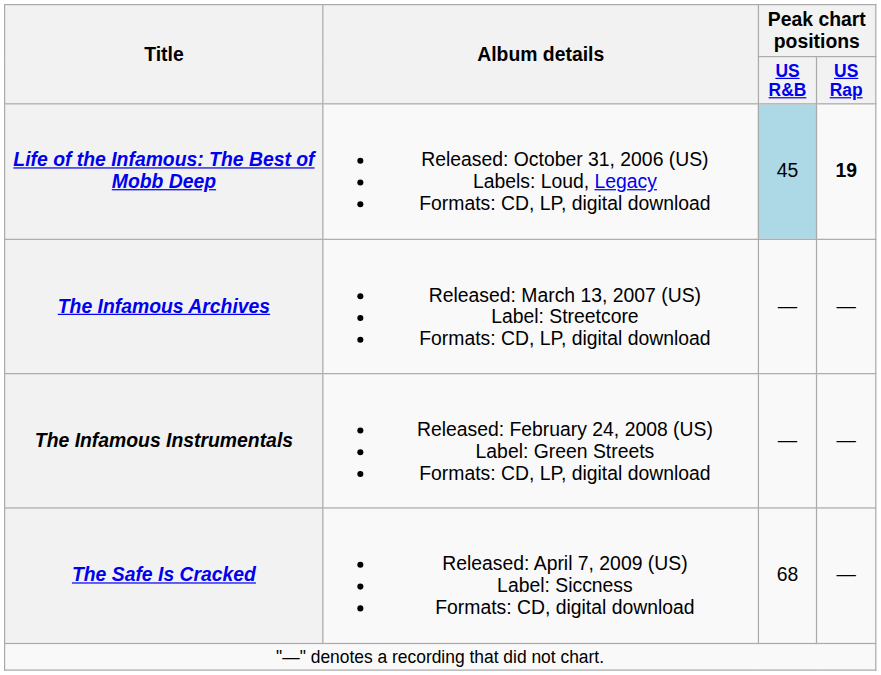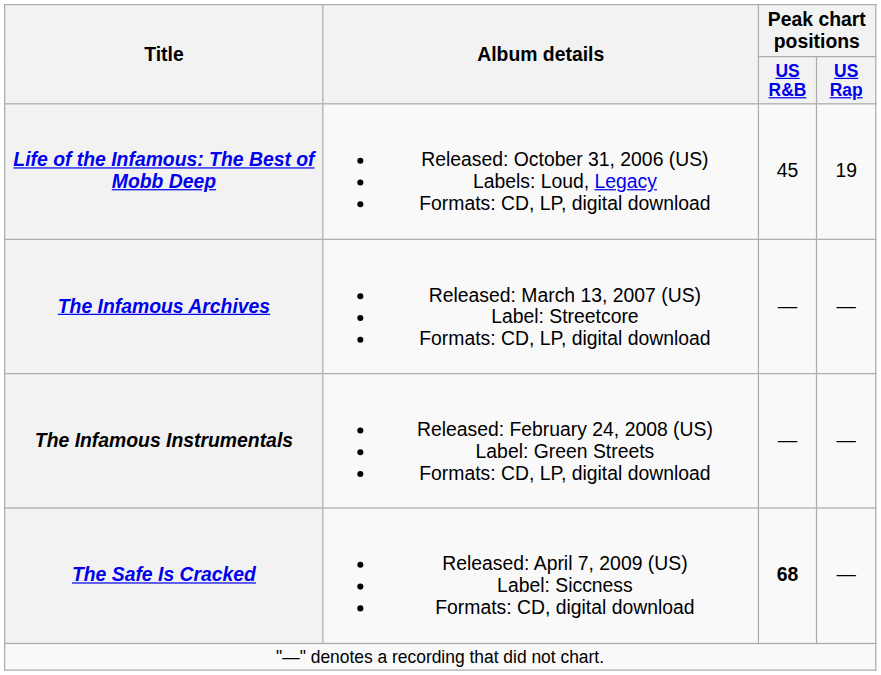 <table class="wikitable plainrowheaders" style="text-align:center;" border="1">
 <tr>
 <th scope="col" rowspan="2" style="width:16em;">Title</th>
 <th scope="col" rowspan="2" style="width:22em;">Album details</th>
 <th scope="col" colspan="2">Peak chart positions</th>
 </tr>
 <tr>
 <th scope="col" style="width:2.9em;font-size:90%;"><a href='#'>US<br>R&B</a><br></th>
 <th scope="col" style="width:2.9em;font-size:90%;"><a href='#'>US<br>Rap</a><br></th>
 </tr>
 <tr>
 <th scope="row"><em><a href='#'>Life of the Infamous: The Best of Mobb Deep</a></em></th>
 <td><br><ul><li>Released: October 31, 2006 <span>(US)</span></li><li>Labels: Loud, <a href='#'>Legacy</a></li><li>Formats: CD, LP, digital download</li></ul></td>
-<td style="background: lightblue;">45</td>
-<td><strong>19</strong></td>
+<td>45</td>
+<td>19</td>
 </tr>
 <tr>
 <th scope="row"><em><a href='#'>The Infamous Archives</a></em></th>
 <td><br><ul><li>Released: March 13, 2007 <span>(US)</span></li><li>Label: Streetcore</li><li>Formats: CD, LP, digital download</li></ul></td>
 <td>—</td>
 <td>—</td>
 </tr>
 <tr>
 <th scope="row"><em>The Infamous Instrumentals</em></th>
 <td><br><ul><li>Released: February 24, 2008 <span>(US)</span></li><li>Label: Green Streets</li><li>Formats: CD, LP, digital download</li></ul></td>
 <td>—</td>
 <td>—</td>
 </tr>
 <tr>
 <th scope="row"><em><a href='#'>The Safe Is Cracked</a></em></th>
 <td><br><ul><li>Released: April 7, 2009 <span>(US)</span></li><li>Label: Siccness</li><li>Formats: CD, digital download</li></ul></td>
-<td>68</td>
+<td><strong>68</strong></td>
 <td>—</td>
 </tr>
 <tr>
 <td colspan="14" style="font-size:90%">"—" denotes a recording that did not chart.</td>
 </tr>
 </table>
